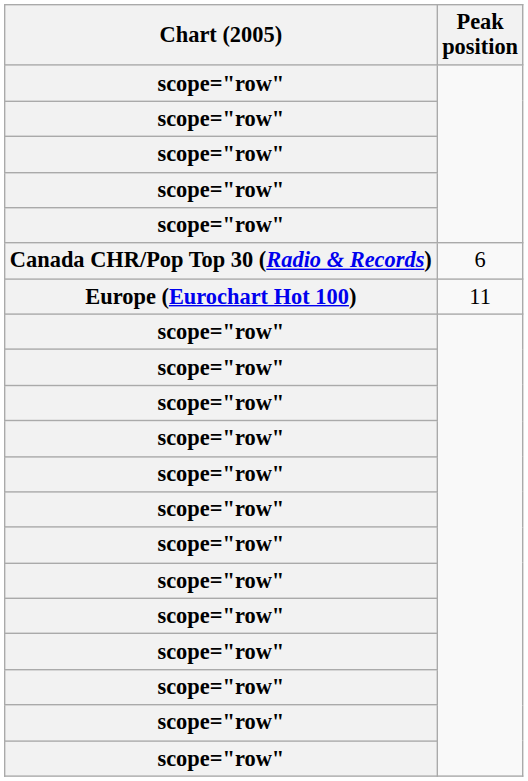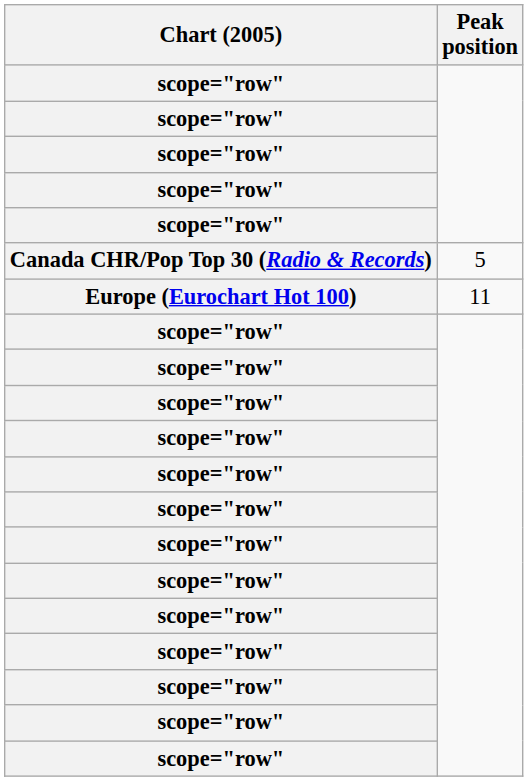 <table class="wikitable sortable plainrowheaders" style="text-align:center">
 <tr>
 <th scope="col">Chart (2005)</th>
 <th scope="col">Peak<br>position</th>
 </tr>
 <tr>
 <th>scope="row"</th>
 </tr>
 <tr>
 <th>scope="row"</th>
 </tr>
 <tr>
 <th>scope="row"</th>
 </tr>
 <tr>
 <th>scope="row"</th>
 </tr>
 <tr>
 <th>scope="row"</th>
 </tr>
 <tr>
 <th scope="row">Canada CHR/Pop Top 30 (<em><a href='#'>Radio & Records</a></em>)</th>
-<td>6</td>
+<td>5</td>
 </tr>
 <tr>
 <th scope="row">Europe (<a href='#'>Eurochart Hot 100</a>)</th>
 <td>11</td>
 </tr>
 <tr>
 <th>scope="row"</th>
 </tr>
 <tr>
 <th>scope="row"</th>
 </tr>
 <tr>
 <th>scope="row"</th>
 </tr>
 <tr>
 <th>scope="row"</th>
 </tr>
 <tr>
 <th>scope="row"</th>
 </tr>
 <tr>
 <th>scope="row"</th>
 </tr>
 <tr>
 <th>scope="row"</th>
 </tr>
 <tr>
 <th>scope="row"</th>
 </tr>
 <tr>
 <th>scope="row"</th>
 </tr>
 <tr>
 <th>scope="row"</th>
 </tr>
 <tr>
 <th>scope="row"</th>
 </tr>
 <tr>
 <th>scope="row"</th>
 </tr>
 <tr>
 <th>scope="row"</th>
 </tr>
 </table>
